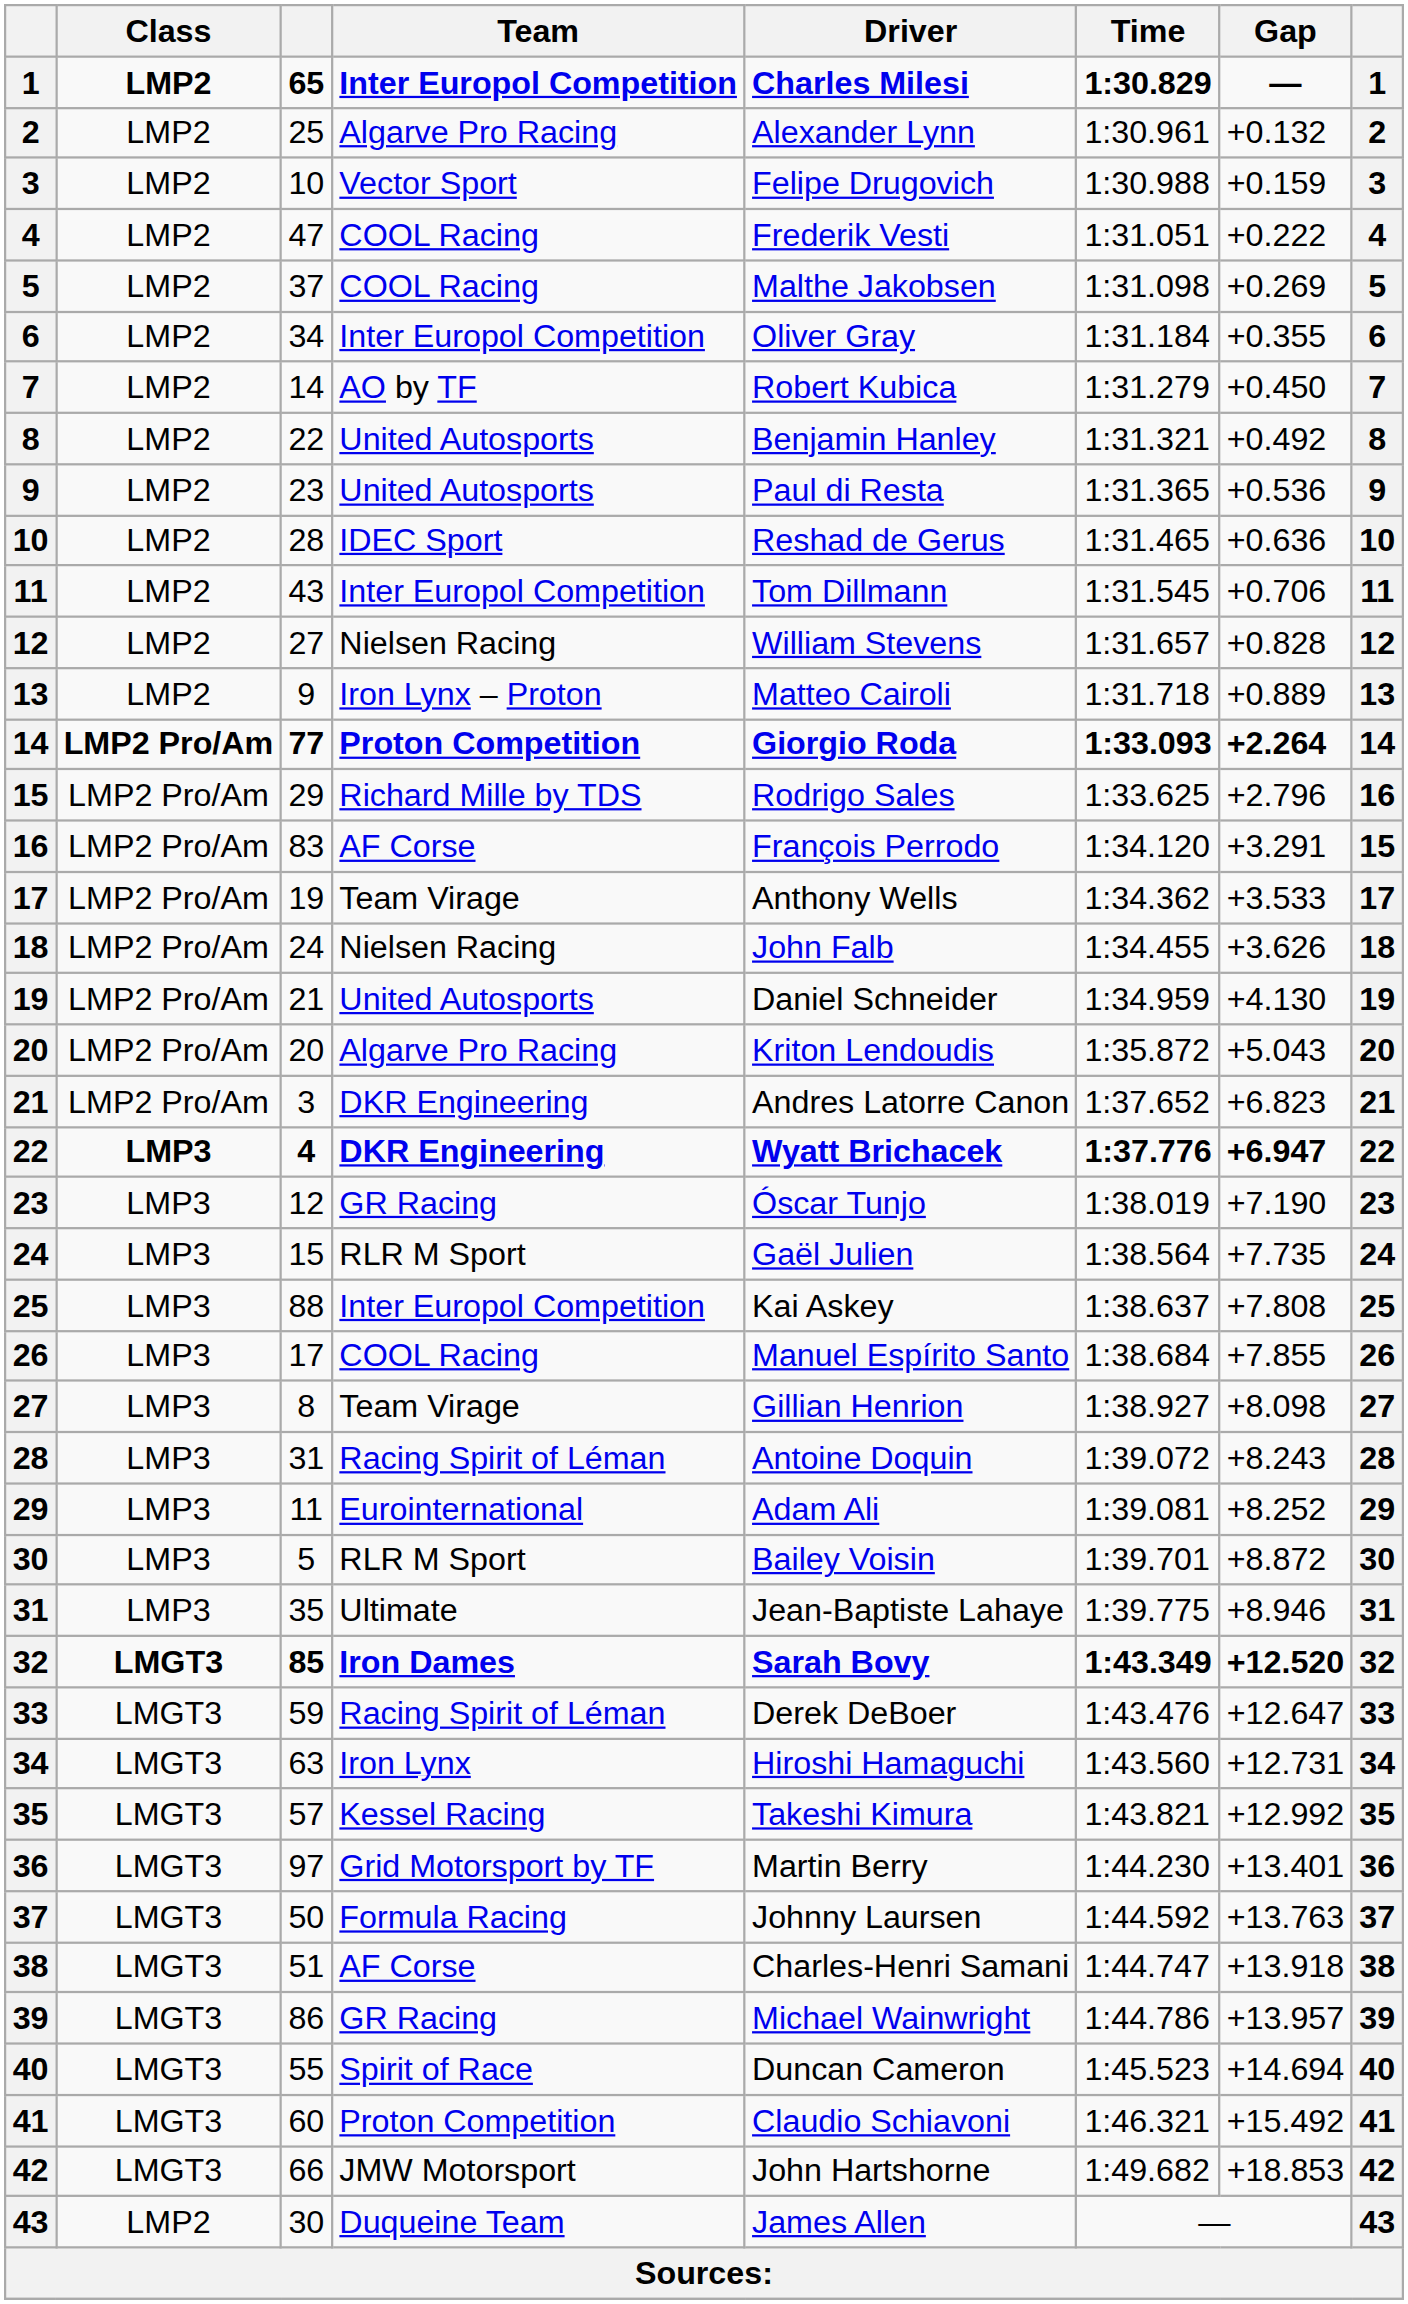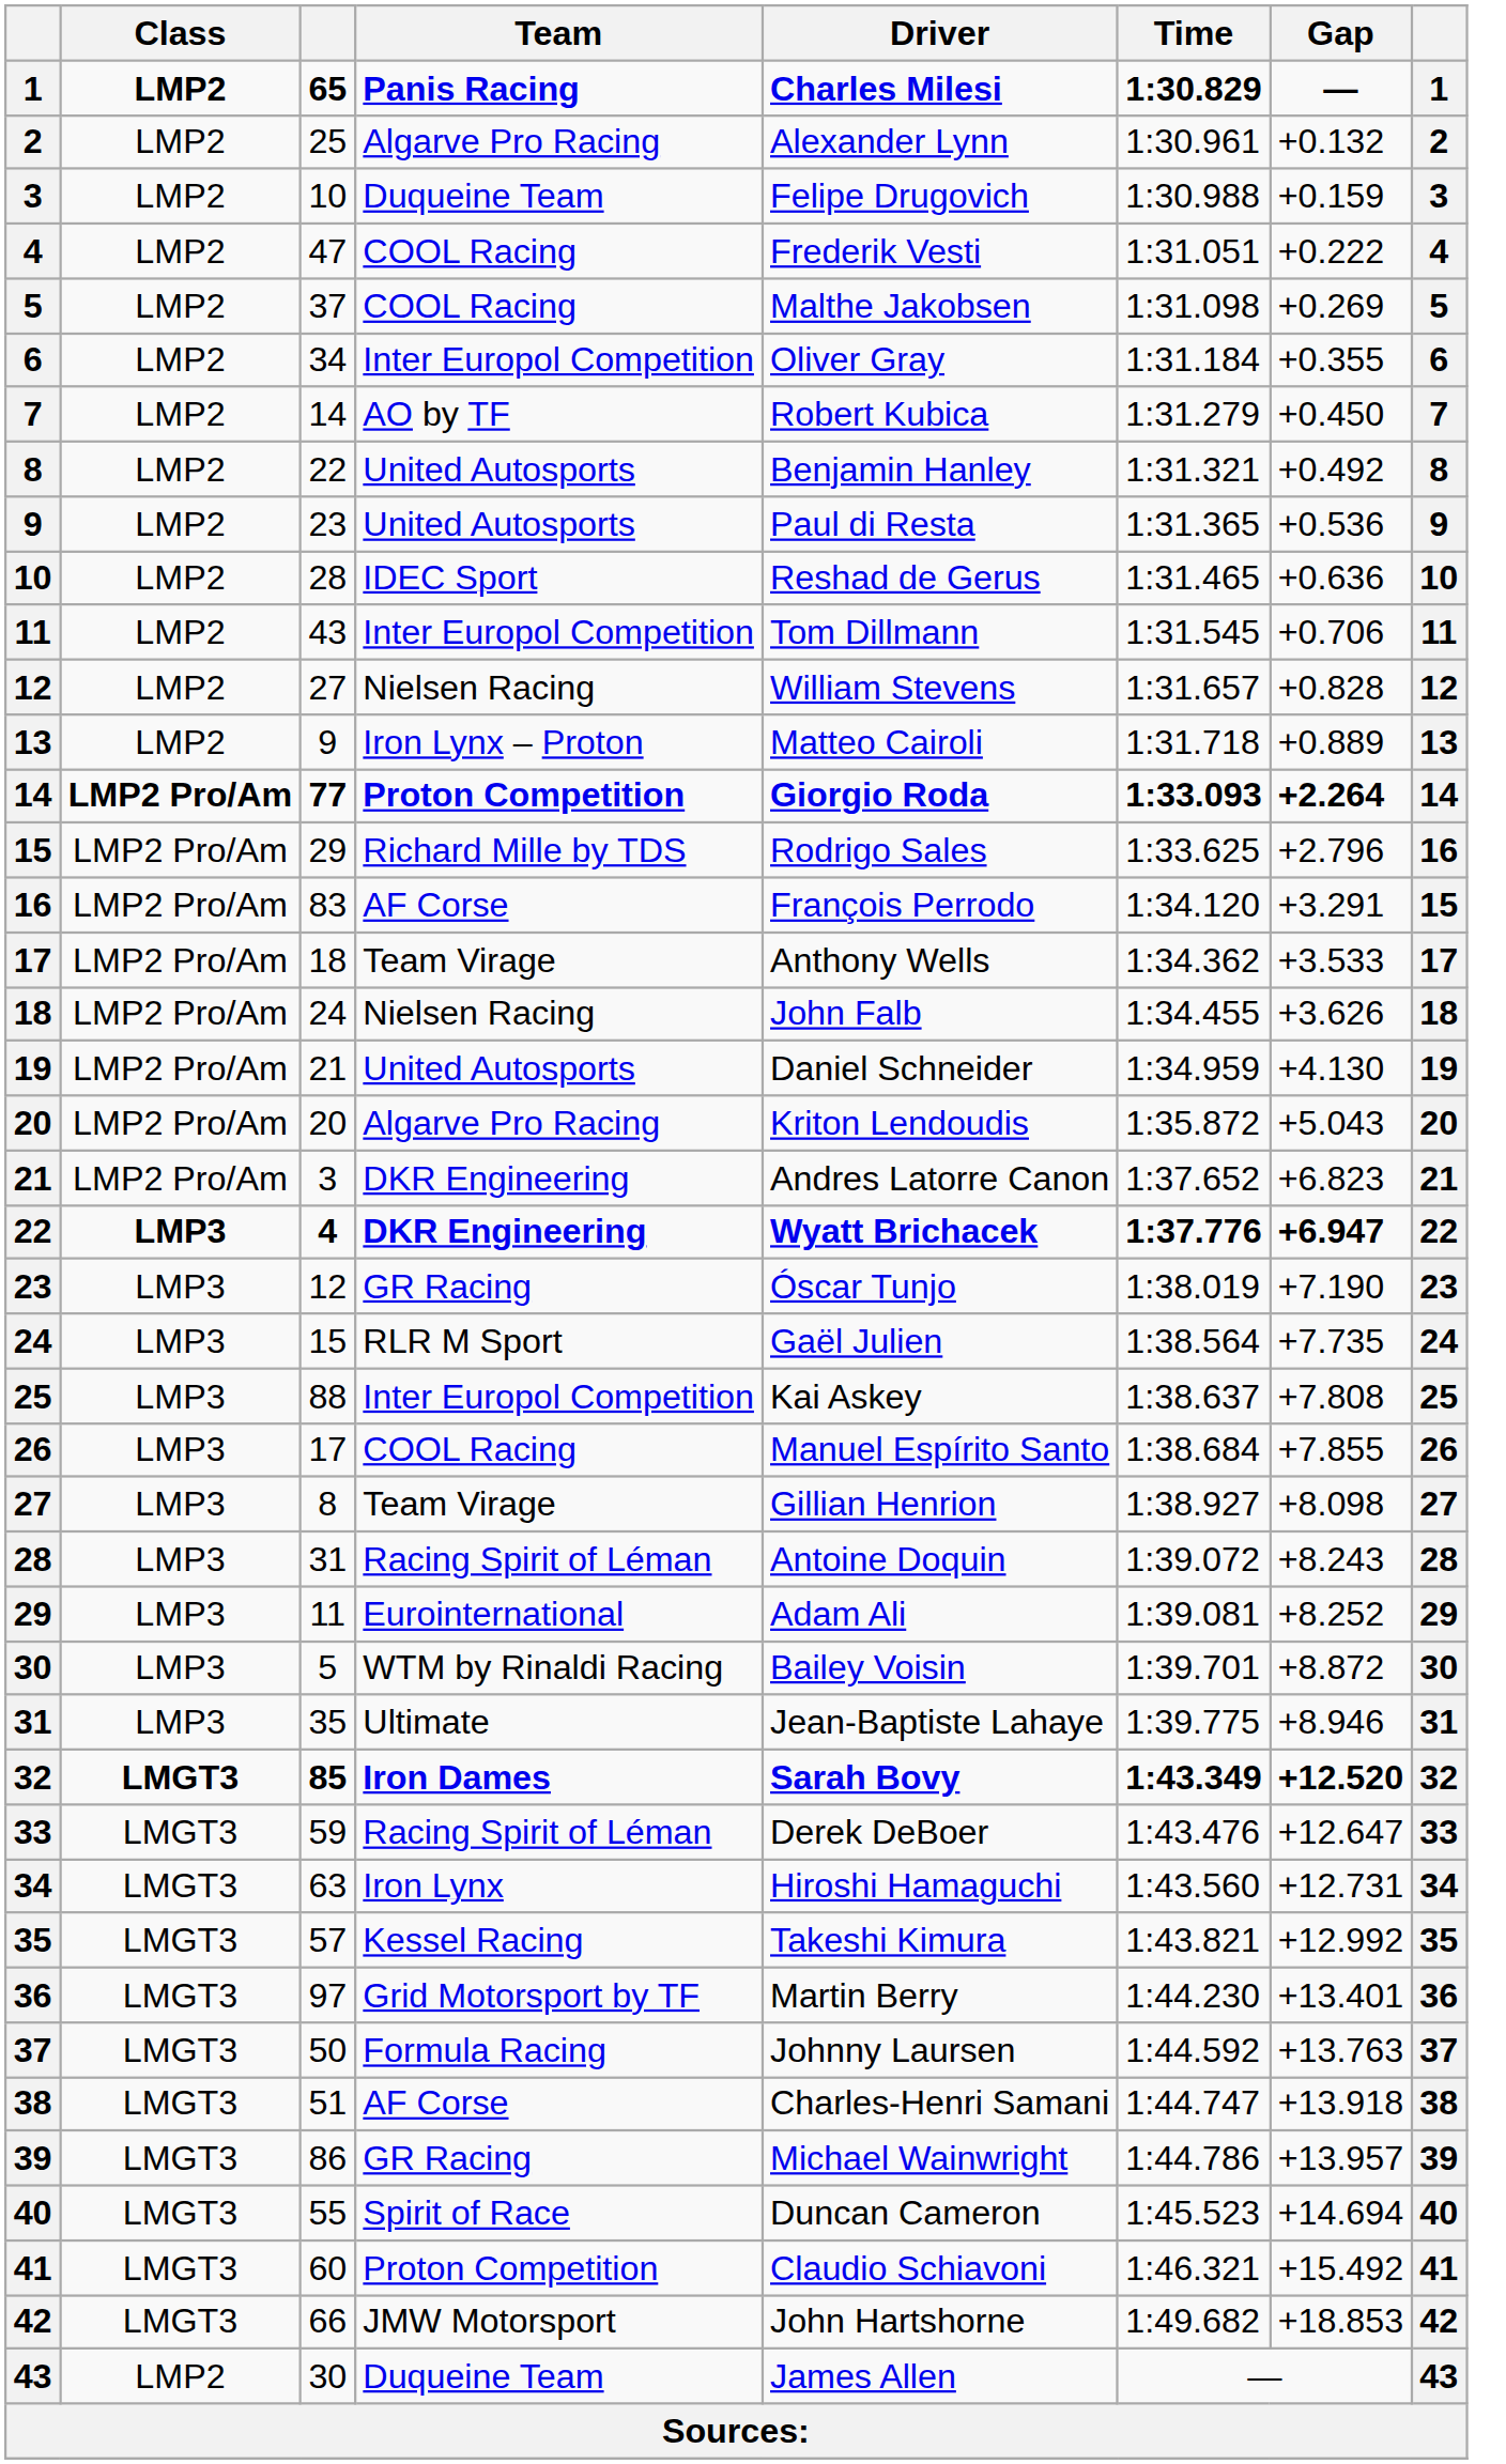 <table class="wikitable sortable" style="font-size: 90%;">
 <tr>
 <th></th>
 <th class="unsortable">Class</th>
 <th class="unsortable"></th>
 <th class="unsortable">Team</th>
 <th class="unsortable">Driver</th>
 <th class="unsortable">Time</th>
 <th class="unsortable">Gap</th>
 <th></th>
 </tr>
 <tr style="font-weight: bold;">
 <th>1</th>
 <td align="center">LMP2</td>
 <td align="center">65</td>
-<td> <a href='#'>Inter Europol Competition</a></td>
+<td> <a href='#'>Panis Racing</a></td>
 <td> <a href='#'>Charles Milesi</a></td>
 <td>1:30.829</td>
 <td align="center">—</td>
 <th>1</th>
 </tr>
 <tr>
 <th>2</th>
 <td align="center">LMP2</td>
 <td align="center">25</td>
 <td> <a href='#'>Algarve Pro Racing</a></td>
 <td> <a href='#'>Alexander Lynn</a></td>
 <td>1:30.961</td>
 <td>+0.132</td>
 <th>2</th>
 </tr>
 <tr>
 <th>3</th>
 <td align="center">LMP2</td>
 <td align="center">10</td>
-<td> <a href='#'>Vector Sport</a></td>
+<td> <a href='#'>Duqueine Team</a></td>
 <td> <a href='#'>Felipe Drugovich</a></td>
 <td>1:30.988</td>
 <td>+0.159</td>
 <th>3</th>
 </tr>
 <tr>
 <th>4</th>
 <td align="center">LMP2</td>
 <td align="center">47</td>
 <td> <a href='#'>COOL Racing</a></td>
 <td> <a href='#'>Frederik Vesti</a></td>
 <td>1:31.051</td>
 <td>+0.222</td>
 <th>4</th>
 </tr>
 <tr>
 <th>5</th>
 <td align="center">LMP2</td>
 <td align="center">37</td>
 <td> <a href='#'>COOL Racing</a></td>
 <td> <a href='#'>Malthe Jakobsen</a></td>
 <td>1:31.098</td>
 <td>+0.269</td>
 <th>5</th>
 </tr>
 <tr>
 <th>6</th>
 <td align="center">LMP2</td>
 <td align="center">34</td>
 <td> <a href='#'>Inter Europol Competition</a></td>
 <td> <a href='#'>Oliver Gray</a></td>
 <td>1:31.184</td>
 <td>+0.355</td>
 <th>6</th>
 </tr>
 <tr>
 <th>7</th>
 <td align="center">LMP2</td>
 <td align="center">14</td>
 <td> <a href='#'>AO</a> by <a href='#'>TF</a></td>
 <td> <a href='#'>Robert Kubica</a></td>
 <td>1:31.279</td>
 <td>+0.450</td>
 <th>7</th>
 </tr>
 <tr>
 <th>8</th>
 <td align="center">LMP2</td>
 <td align="center">22</td>
 <td> <a href='#'>United Autosports</a></td>
 <td> <a href='#'>Benjamin Hanley</a></td>
 <td>1:31.321</td>
 <td>+0.492</td>
 <th>8</th>
 </tr>
 <tr>
 <th>9</th>
 <td align="center">LMP2</td>
 <td align="center">23</td>
 <td> <a href='#'>United Autosports</a></td>
 <td> <a href='#'>Paul di Resta</a></td>
 <td>1:31.365</td>
 <td>+0.536</td>
 <th>9</th>
 </tr>
 <tr>
 <th>10</th>
 <td align="center">LMP2</td>
 <td align="center">28</td>
 <td> <a href='#'>IDEC Sport</a></td>
 <td> <a href='#'>Reshad de Gerus</a></td>
 <td>1:31.465</td>
 <td>+0.636</td>
 <th>10</th>
 </tr>
 <tr>
 <th>11</th>
 <td align="center">LMP2</td>
 <td align="center">43</td>
 <td> <a href='#'>Inter Europol Competition</a></td>
 <td> <a href='#'>Tom Dillmann</a></td>
 <td>1:31.545</td>
 <td>+0.706</td>
 <th>11</th>
 </tr>
 <tr>
 <th>12</th>
 <td align="center">LMP2</td>
 <td align="center">27</td>
 <td> Nielsen Racing</td>
 <td> <a href='#'>William Stevens</a></td>
 <td>1:31.657</td>
 <td>+0.828</td>
 <th>12</th>
 </tr>
 <tr>
 <th>13</th>
 <td align="center">LMP2</td>
 <td align="center">9</td>
 <td> <a href='#'>Iron Lynx</a> – <a href='#'>Proton</a></td>
 <td> <a href='#'>Matteo Cairoli</a></td>
 <td>1:31.718</td>
 <td>+0.889</td>
 <th>13</th>
 </tr>
 <tr style="font-weight: bold;">
 <th>14</th>
 <td align="center">LMP2 Pro/Am</td>
 <td align="center">77</td>
 <td> <a href='#'>Proton Competition</a></td>
 <td> <a href='#'>Giorgio Roda</a></td>
 <td>1:33.093</td>
 <td>+2.264</td>
 <th>14</th>
 </tr>
 <tr>
 <th>15</th>
 <td align="center">LMP2 Pro/Am</td>
 <td align="center">29</td>
 <td> <a href='#'>Richard Mille by TDS</a></td>
 <td> <a href='#'>Rodrigo Sales</a></td>
 <td>1:33.625</td>
 <td>+2.796</td>
 <th>16</th>
 </tr>
 <tr>
 <th>16</th>
 <td align="center">LMP2 Pro/Am</td>
 <td align="center">83</td>
 <td> <a href='#'>AF Corse</a></td>
 <td> <a href='#'>François Perrodo</a></td>
 <td>1:34.120</td>
 <td>+3.291</td>
 <th>15</th>
 </tr>
 <tr>
 <th>17</th>
 <td align="center">LMP2 Pro/Am</td>
-<td align="center">19</td>
+<td align="center">18</td>
 <td> Team Virage</td>
 <td> Anthony Wells</td>
 <td>1:34.362</td>
 <td>+3.533</td>
 <th>17</th>
 </tr>
 <tr>
 <th>18</th>
 <td align="center">LMP2 Pro/Am</td>
 <td align="center">24</td>
 <td> Nielsen Racing</td>
 <td> <a href='#'>John Falb</a></td>
 <td>1:34.455</td>
 <td>+3.626</td>
 <th>18</th>
 </tr>
 <tr>
 <th>19</th>
 <td align="center">LMP2 Pro/Am</td>
 <td align="center">21</td>
 <td> <a href='#'>United Autosports</a></td>
 <td> Daniel Schneider</td>
 <td>1:34.959</td>
 <td>+4.130</td>
 <th>19</th>
 </tr>
 <tr>
 <th>20</th>
 <td align="center">LMP2 Pro/Am</td>
 <td align="center">20</td>
 <td> <a href='#'>Algarve Pro Racing</a></td>
 <td> <a href='#'>Kriton Lendoudis</a></td>
 <td>1:35.872</td>
 <td>+5.043</td>
 <th>20</th>
 </tr>
 <tr>
 <th>21</th>
 <td align="center">LMP2 Pro/Am</td>
 <td align="center">3</td>
 <td> <a href='#'>DKR Engineering</a></td>
 <td> Andres Latorre Canon</td>
 <td>1:37.652</td>
 <td>+6.823</td>
 <th>21</th>
 </tr>
 <tr style="font-weight: bold;">
 <th>22</th>
 <td align="center">LMP3</td>
 <td align="center">4</td>
 <td> <a href='#'>DKR Engineering</a></td>
 <td> <a href='#'>Wyatt Brichacek</a></td>
 <td>1:37.776</td>
 <td>+6.947</td>
 <th>22</th>
 </tr>
 <tr>
 <th>23</th>
 <td align="center">LMP3</td>
 <td align="center">12</td>
 <td> <a href='#'>GR Racing</a></td>
 <td> <a href='#'>Óscar Tunjo</a></td>
 <td>1:38.019</td>
 <td>+7.190</td>
 <th>23</th>
 </tr>
 <tr>
 <th>24</th>
 <td align="center">LMP3</td>
 <td align="center">15</td>
 <td> RLR M Sport</td>
 <td> <a href='#'>Gaël Julien</a></td>
 <td>1:38.564</td>
 <td>+7.735</td>
 <th>24</th>
 </tr>
 <tr>
 <th>25</th>
 <td align="center">LMP3</td>
 <td align="center">88</td>
 <td> <a href='#'>Inter Europol Competition</a></td>
 <td> Kai Askey</td>
 <td>1:38.637</td>
 <td>+7.808</td>
 <th>25</th>
 </tr>
 <tr>
 <th>26</th>
 <td align="center">LMP3</td>
 <td align="center">17</td>
 <td> <a href='#'>COOL Racing</a></td>
 <td> <a href='#'>Manuel Espírito Santo</a></td>
 <td>1:38.684</td>
 <td>+7.855</td>
 <th>26</th>
 </tr>
 <tr>
 <th>27</th>
 <td align="center">LMP3</td>
 <td align="center">8</td>
 <td> Team Virage</td>
 <td> <a href='#'>Gillian Henrion</a></td>
 <td>1:38.927</td>
 <td>+8.098</td>
 <th>27</th>
 </tr>
 <tr>
 <th>28</th>
 <td align="center">LMP3</td>
 <td align="center">31</td>
 <td> <a href='#'>Racing Spirit of Léman</a></td>
 <td> <a href='#'>Antoine Doquin</a></td>
 <td>1:39.072</td>
 <td>+8.243</td>
 <th>28</th>
 </tr>
 <tr>
 <th>29</th>
 <td align="center">LMP3</td>
 <td align="center">11</td>
 <td> <a href='#'>Eurointernational</a></td>
 <td> <a href='#'>Adam Ali</a></td>
 <td>1:39.081</td>
 <td>+8.252</td>
 <th>29</th>
 </tr>
 <tr>
 <th>30</th>
 <td align="center">LMP3</td>
 <td align="center">5</td>
-<td> RLR M Sport</td>
+<td> WTM by Rinaldi Racing</td>
 <td> <a href='#'>Bailey Voisin</a></td>
 <td>1:39.701</td>
 <td>+8.872</td>
 <th>30</th>
 </tr>
 <tr>
 <th>31</th>
 <td align="center">LMP3</td>
 <td align="center">35</td>
 <td> Ultimate</td>
 <td> Jean-Baptiste Lahaye</td>
 <td>1:39.775</td>
 <td>+8.946</td>
 <th>31</th>
 </tr>
 <tr style="font-weight: bold;">
 <th>32</th>
 <td align="center">LMGT3</td>
 <td align="center">85</td>
 <td> <a href='#'>Iron Dames</a></td>
 <td> <a href='#'>Sarah Bovy</a></td>
 <td>1:43.349</td>
 <td>+12.520</td>
 <th>32</th>
 </tr>
 <tr>
 <th>33</th>
 <td align="center">LMGT3</td>
 <td align="center">59</td>
 <td> <a href='#'>Racing Spirit of Léman</a></td>
 <td> Derek DeBoer</td>
 <td>1:43.476</td>
 <td>+12.647</td>
 <th>33</th>
 </tr>
 <tr>
 <th>34</th>
 <td align="center">LMGT3</td>
 <td align="center">63</td>
 <td> <a href='#'>Iron Lynx</a></td>
 <td> <a href='#'>Hiroshi Hamaguchi</a></td>
 <td>1:43.560</td>
 <td>+12.731</td>
 <th>34</th>
 </tr>
 <tr>
 <th>35</th>
 <td align="center">LMGT3</td>
 <td align="center">57</td>
 <td> <a href='#'>Kessel Racing</a></td>
 <td> <a href='#'>Takeshi Kimura</a></td>
 <td>1:43.821</td>
 <td>+12.992</td>
 <th>35</th>
 </tr>
 <tr>
 <th>36</th>
 <td align="center">LMGT3</td>
 <td align="center">97</td>
 <td> <a href='#'>Grid Motorsport by TF</a></td>
 <td> Martin Berry</td>
 <td>1:44.230</td>
 <td>+13.401</td>
 <th>36</th>
 </tr>
 <tr>
 <th>37</th>
 <td align="center">LMGT3</td>
 <td align="center">50</td>
 <td> <a href='#'>Formula Racing</a></td>
 <td> Johnny Laursen</td>
 <td>1:44.592</td>
 <td>+13.763</td>
 <th>37</th>
 </tr>
 <tr>
 <th>38</th>
 <td align="center">LMGT3</td>
 <td align="center">51</td>
 <td> <a href='#'>AF Corse</a></td>
 <td> Charles-Henri Samani</td>
 <td>1:44.747</td>
 <td>+13.918</td>
 <th>38</th>
 </tr>
 <tr>
 <th>39</th>
 <td align="center">LMGT3</td>
 <td align="center">86</td>
 <td> <a href='#'>GR Racing</a></td>
 <td> <a href='#'>Michael Wainwright</a></td>
 <td>1:44.786</td>
 <td>+13.957</td>
 <th>39</th>
 </tr>
 <tr>
 <th>40</th>
 <td align="center">LMGT3</td>
 <td align="center">55</td>
 <td> <a href='#'>Spirit of Race</a></td>
 <td> Duncan Cameron</td>
 <td>1:45.523</td>
 <td>+14.694</td>
 <th>40</th>
 </tr>
 <tr>
 <th>41</th>
 <td align="center">LMGT3</td>
 <td align="center">60</td>
 <td> <a href='#'>Proton Competition</a></td>
 <td> <a href='#'>Claudio Schiavoni</a></td>
 <td>1:46.321</td>
 <td>+15.492</td>
 <th>41</th>
 </tr>
 <tr>
 <th>42</th>
 <td align="center">LMGT3</td>
 <td align="center">66</td>
 <td> JMW Motorsport</td>
 <td> John Hartshorne</td>
 <td>1:49.682</td>
 <td>+18.853</td>
 <th>42</th>
 </tr>
 <tr>
 <th>43</th>
 <td align="center">LMP2</td>
 <td align="center">30</td>
 <td> <a href='#'>Duqueine Team</a></td>
 <td> <a href='#'>James Allen</a></td>
 <td colspan="2" align="center">—</td>
 <th>43</th>
 </tr>
 <tr>
 <th colspan="8">Sources:</th>
 </tr>
 <tr>
 </tr>
 </table>
